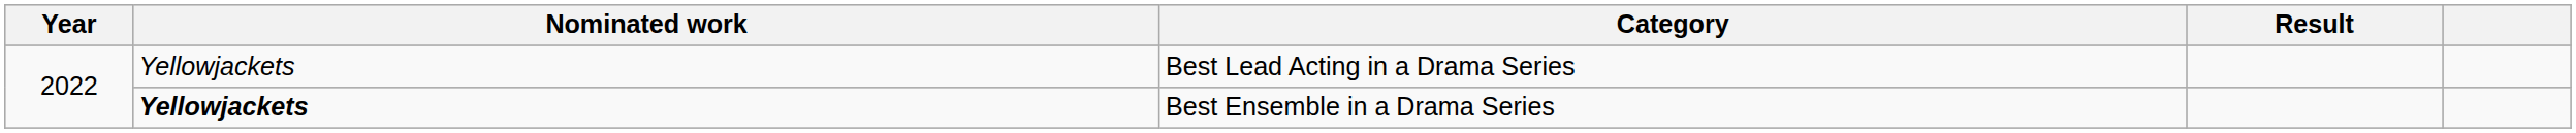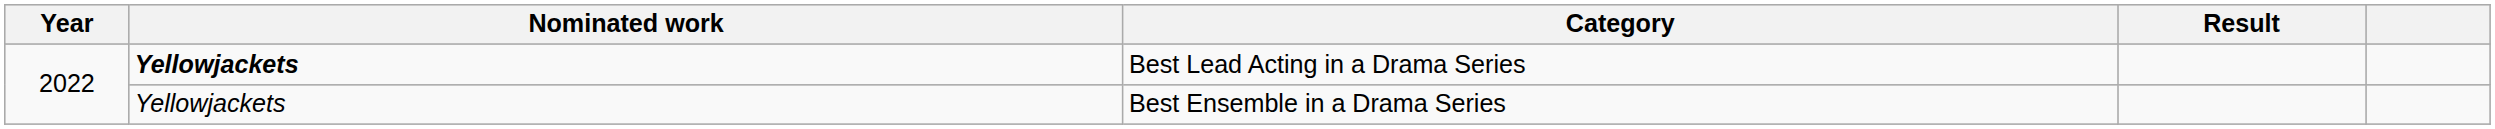 <table class="wikitable" style="width:100%;">
 <tr>
 <th style="width:5%;">Year</th>
 <th style="width:40%;">Nominated work</th>
 <th style="width:40%;">Category</th>
 <th style="width:10%;">Result</th>
 <th style="width:5%;"></th>
 </tr>
 <tr>
 <td rowspan="2" style="text-align:center;">2022</td>
-<td><em>Yellowjackets</em></td>
+<td><strong><em>Yellowjackets</em></strong></td>
 <td>Best Lead Acting in a Drama Series</td>
 <td></td>
 <td style="text-align:center;"></td>
 </tr>
 <tr>
-<td><strong><em>Yellowjackets</em></strong></td>
+<td><em>Yellowjackets</em></td>
 <td>Best Ensemble in a Drama Series </td>
 <td></td>
 <td style="text-align:center;"></td>
 </tr>
 </table>
